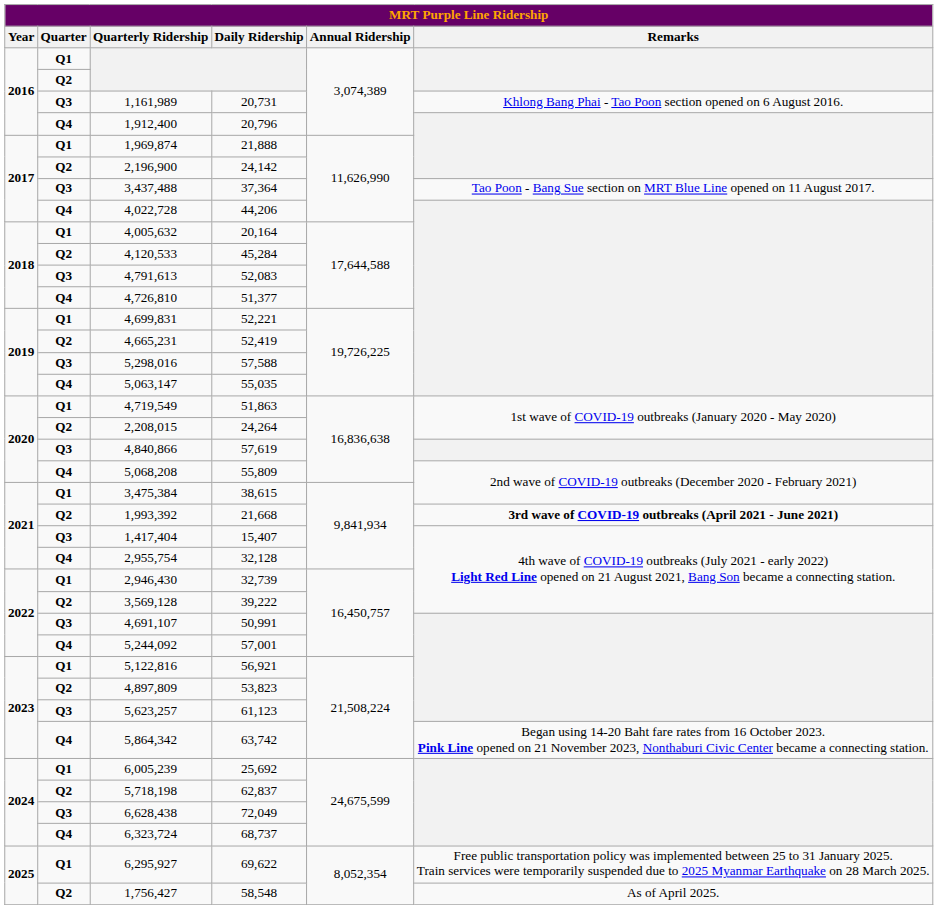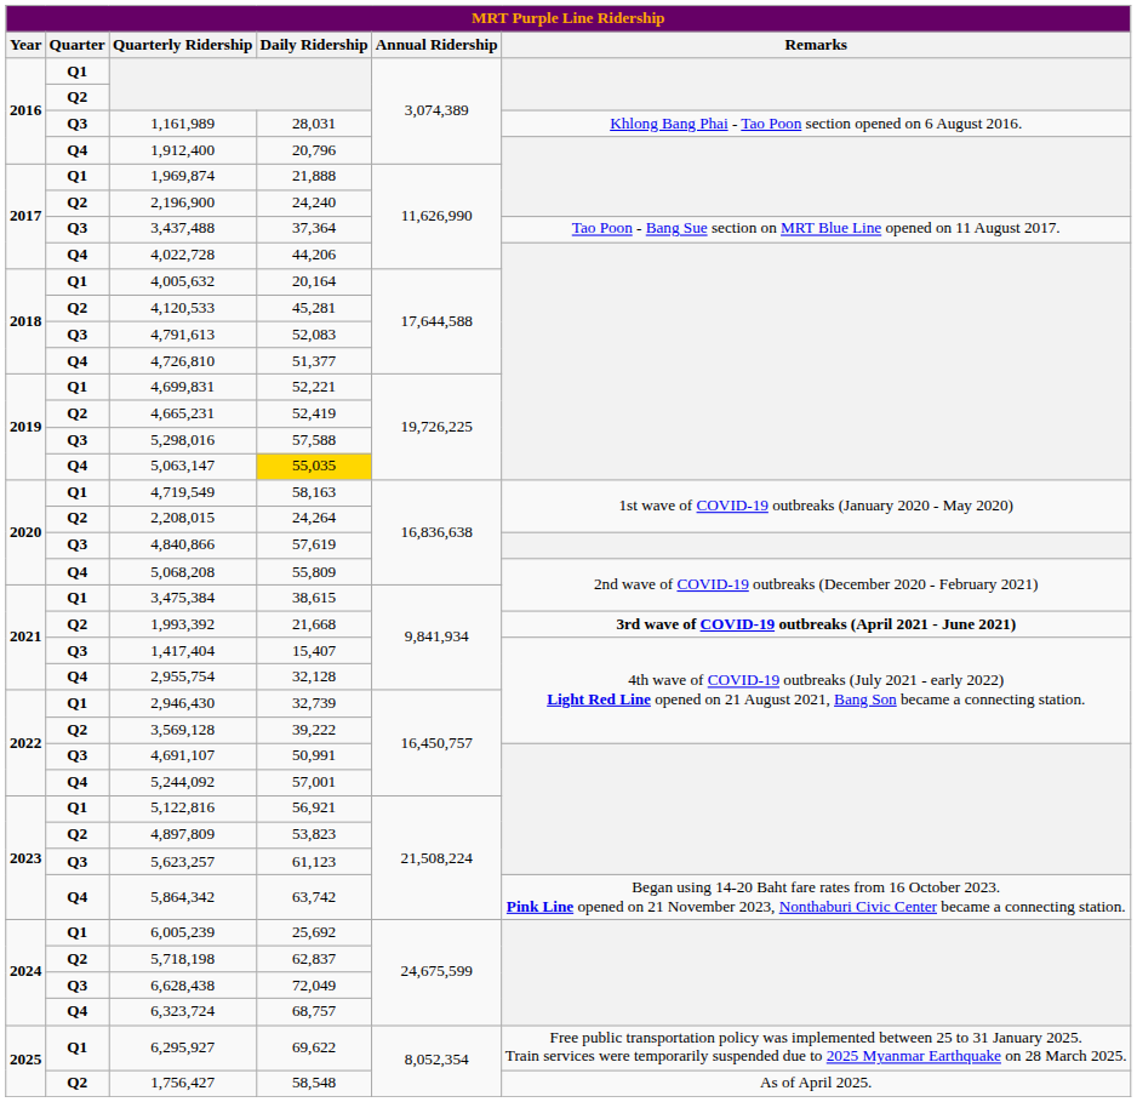 <table class="wikitable" style="margin:auto;font-align:center;text-align:center;font-size:80%;">
 <tr>
 <th style="background:#606; color:orange;" colspan="6" align="center">MRT Purple Line Ridership</th>
 </tr>
 <tr>
 <th style="background:#">Year</th>
 <th style="background:#">Quarter</th>
 <th style="background:#">Quarterly Ridership</th>
 <th style="background:#">Daily Ridership</th>
 <th style="background:#">Annual Ridership</th>
 <th style="background:#">Remarks</th>
 </tr>
 <tr>
 <td rowspan="4"><strong>2016</strong></td>
 <td><strong>Q1</strong></td>
 <th colspan="2" rowspan="2"></th>
 <td rowspan="4">3,074,389</td>
 <th rowspan="2"></th>
 </tr>
 <tr>
 <td><strong>Q2</strong></td>
 </tr>
 <tr>
 <td><strong>Q3</strong></td>
 <td>1,161,989</td>
-<td>20,731</td>
+<td>28,031</td>
 <td> <a href='#'>Khlong Bang Phai</a> -  <a href='#'>Tao Poon</a> section opened on 6 August 2016.</td>
 </tr>
 <tr>
 <td><strong>Q4</strong></td>
 <td>1,912,400</td>
 <td>20,796</td>
 <th rowspan="3"></th>
 </tr>
 <tr>
 <td rowspan="4"><strong>2017</strong></td>
 <td><strong>Q1</strong></td>
 <td>1,969,874</td>
 <td>21,888</td>
 <td rowspan="4">11,626,990</td>
 </tr>
 <tr>
 <td><strong>Q2</strong></td>
 <td>2,196,900</td>
-<td>24,142</td>
+<td>24,240</td>
 </tr>
 <tr>
 <td><strong>Q3</strong></td>
 <td>3,437,488</td>
 <td>37,364</td>
 <td> <a href='#'>Tao Poon</a> -  <a href='#'>Bang Sue</a> section on <a href='#'>MRT Blue Line</a> opened on 11 August 2017.</td>
 </tr>
 <tr>
 <td><strong>Q4</strong></td>
 <td>4,022,728</td>
 <td>44,206</td>
 <th rowspan="9"></th>
 </tr>
 <tr>
 <td rowspan="4"><strong>2018</strong></td>
 <td><strong>Q1</strong></td>
 <td>4,005,632</td>
 <td>20,164</td>
 <td rowspan="4">17,644,588</td>
 </tr>
 <tr>
 <td><strong>Q2</strong></td>
 <td>4,120,533</td>
-<td>45,284</td>
+<td>45,281</td>
 </tr>
 <tr>
 <td><strong>Q3</strong></td>
 <td>4,791,613</td>
 <td>52,083</td>
 </tr>
 <tr>
 <td><strong>Q4</strong></td>
 <td>4,726,810</td>
 <td>51,377</td>
 </tr>
 <tr>
 <td rowspan="4"><strong>2019</strong></td>
 <td><strong>Q1</strong></td>
 <td>4,699,831</td>
 <td>52,221</td>
 <td rowspan="4">19,726,225</td>
 </tr>
 <tr>
 <td><strong>Q2</strong></td>
 <td>4,665,231</td>
 <td>52,419</td>
 </tr>
 <tr>
 <td><strong>Q3</strong></td>
 <td>5,298,016</td>
 <td>57,588</td>
 </tr>
 <tr>
 <td><strong>Q4</strong></td>
 <td>5,063,147</td>
-<td>55,035</td>
+<td style="background: gold;">55,035</td>
 </tr>
 <tr>
 <td rowspan="4"><strong>2020</strong></td>
 <td><strong>Q1</strong></td>
 <td>4,719,549</td>
-<td>51,863</td>
+<td>58,163</td>
 <td rowspan="4">16,836,638</td>
 <td rowspan="2">1st wave of <a href='#'>COVID-19</a> outbreaks (January 2020 - May 2020)</td>
 </tr>
 <tr>
 <td><strong>Q2</strong></td>
 <td>2,208,015</td>
 <td>24,264</td>
 </tr>
 <tr>
 <td><strong>Q3</strong></td>
 <td>4,840,866</td>
 <td>57,619</td>
 <th></th>
 </tr>
 <tr>
 <td><strong>Q4</strong></td>
 <td>5,068,208</td>
 <td>55,809</td>
 <td rowspan="2">2nd wave of <a href='#'>COVID-19</a> outbreaks (December 2020 - February 2021)</td>
 </tr>
 <tr>
 <td rowspan="4"><strong>2021</strong></td>
 <td><strong>Q1</strong></td>
 <td>3,475,384</td>
 <td>38,615</td>
 <td rowspan="4">9,841,934</td>
 </tr>
 <tr>
 <td><strong>Q2</strong></td>
 <td>1,993,392</td>
 <td>21,668</td>
 <td><strong>3rd wave of <a href='#'>COVID-19</a> outbreaks (April 2021 - June 2021)</strong></td>
 </tr>
 <tr>
 <td><strong>Q3</strong></td>
 <td>1,417,404</td>
 <td>15,407</td>
 <td rowspan="4">4th wave of <a href='#'>COVID-19</a> outbreaks (July 2021 - early 2022)<br><strong></strong> <strong><a href='#'>Light Red Line</a></strong> opened on 21 August 2021,  <a href='#'>Bang Son</a> became a connecting station.</td>
 </tr>
 <tr>
 <td><strong>Q4</strong></td>
 <td>2,955,754</td>
 <td>32,128</td>
 </tr>
 <tr>
 <td rowspan="4"><strong>2022</strong></td>
 <td><strong>Q1</strong></td>
 <td>2,946,430</td>
 <td>32,739</td>
 <td rowspan="4">16,450,757</td>
 </tr>
 <tr>
 <td><strong>Q2</strong></td>
 <td>3,569,128</td>
 <td>39,222</td>
 </tr>
 <tr>
 <td><strong>Q3</strong></td>
 <td>4,691,107</td>
 <td>50,991</td>
 <th rowspan="5"></th>
 </tr>
 <tr>
 <td><strong>Q4</strong></td>
 <td>5,244,092</td>
 <td>57,001</td>
 </tr>
 <tr>
 <td rowspan="4"><strong>2023</strong></td>
 <td><strong>Q1</strong></td>
 <td>5,122,816</td>
 <td>56,921</td>
 <td rowspan="4">21,508,224</td>
 </tr>
 <tr>
 <td><strong>Q2</strong></td>
 <td>4,897,809</td>
 <td>53,823</td>
 </tr>
 <tr>
 <td><strong>Q3</strong></td>
 <td>5,623,257</td>
 <td>61,123</td>
 </tr>
 <tr>
 <td><strong>Q4</strong></td>
 <td>5,864,342</td>
 <td>63,742</td>
 <td>Began using 14-20 Baht fare rates from 16 October 2023.<br><strong></strong> <strong><a href='#'>Pink Line</a></strong> opened on 21 November 2023,  <a href='#'>Nonthaburi Civic Center</a> became a connecting station.</td>
 </tr>
 <tr>
 <td rowspan="4"><strong>2024</strong></td>
 <td><strong>Q1</strong></td>
 <td>6,005,239</td>
 <td>25,692</td>
 <td rowspan="4">24,675,599</td>
 <th rowspan="4"></th>
 </tr>
 <tr>
 <td><strong>Q2</strong></td>
 <td>5,718,198</td>
 <td>62,837</td>
 </tr>
 <tr>
 <td><strong>Q3</strong></td>
 <td>6,628,438</td>
 <td>72,049</td>
 </tr>
 <tr>
 <td><strong>Q4</strong></td>
 <td>6,323,724</td>
-<td>68,737</td>
+<td>68,757</td>
 </tr>
 <tr>
 <td rowspan="2"><strong>2025</strong></td>
 <td><strong>Q1</strong></td>
 <td>6,295,927</td>
 <td>69,622</td>
 <td rowspan="2">8,052,354</td>
 <td>Free public transportation policy was implemented between 25 to 31 January 2025.<br>Train services were temporarily suspended due to <a href='#'>2025 Myanmar Earthquake</a> on 28 March 2025.</td>
 </tr>
 <tr>
 <td><strong>Q2</strong></td>
 <td>1,756,427</td>
 <td>58,548</td>
 <td>As of April 2025.</td>
 </tr>
 </table>
